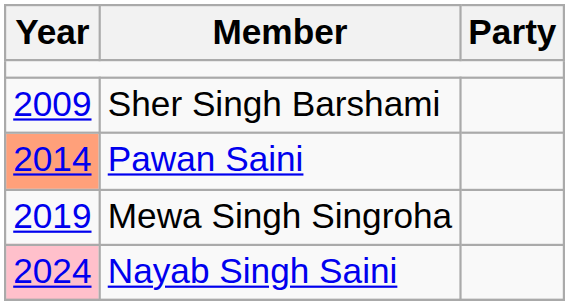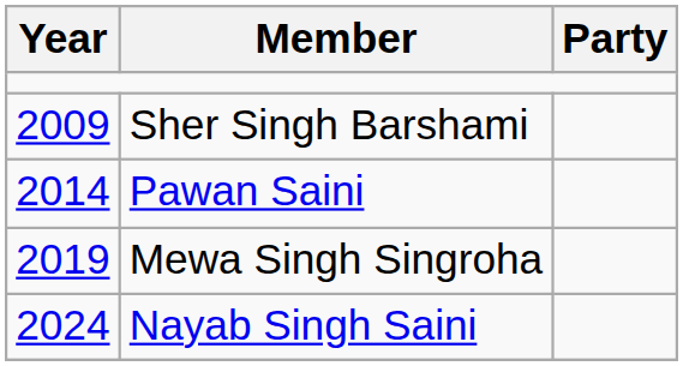 <table class="wikitable">
 <tr>
 <th>Year</th>
 <th>Member</th>
 <th colspan="2">Party</th>
 </tr>
 <tr>
 <td colspan="4"></td>
 </tr>
 <tr>
 <td><a href='#'>2009</a></td>
 <td>Sher Singh Barshami</td>
 <td></td>
 </tr>
 <tr>
-<td style="background: lightsalmon;"><a href='#'>2014</a></td>
+<td><a href='#'>2014</a></td>
 <td><a href='#'>Pawan Saini</a></td>
 <td></td>
 </tr>
 <tr>
 <td><a href='#'>2019</a></td>
 <td>Mewa Singh Singroha</td>
 <td></td>
 </tr>
 <tr>
-<td style="background: pink;"><a href='#'>2024</a></td>
+<td><a href='#'>2024</a></td>
 <td><a href='#'>Nayab Singh Saini</a></td>
 <td></td>
 </tr>
 <tr>
 </tr>
 </table>
